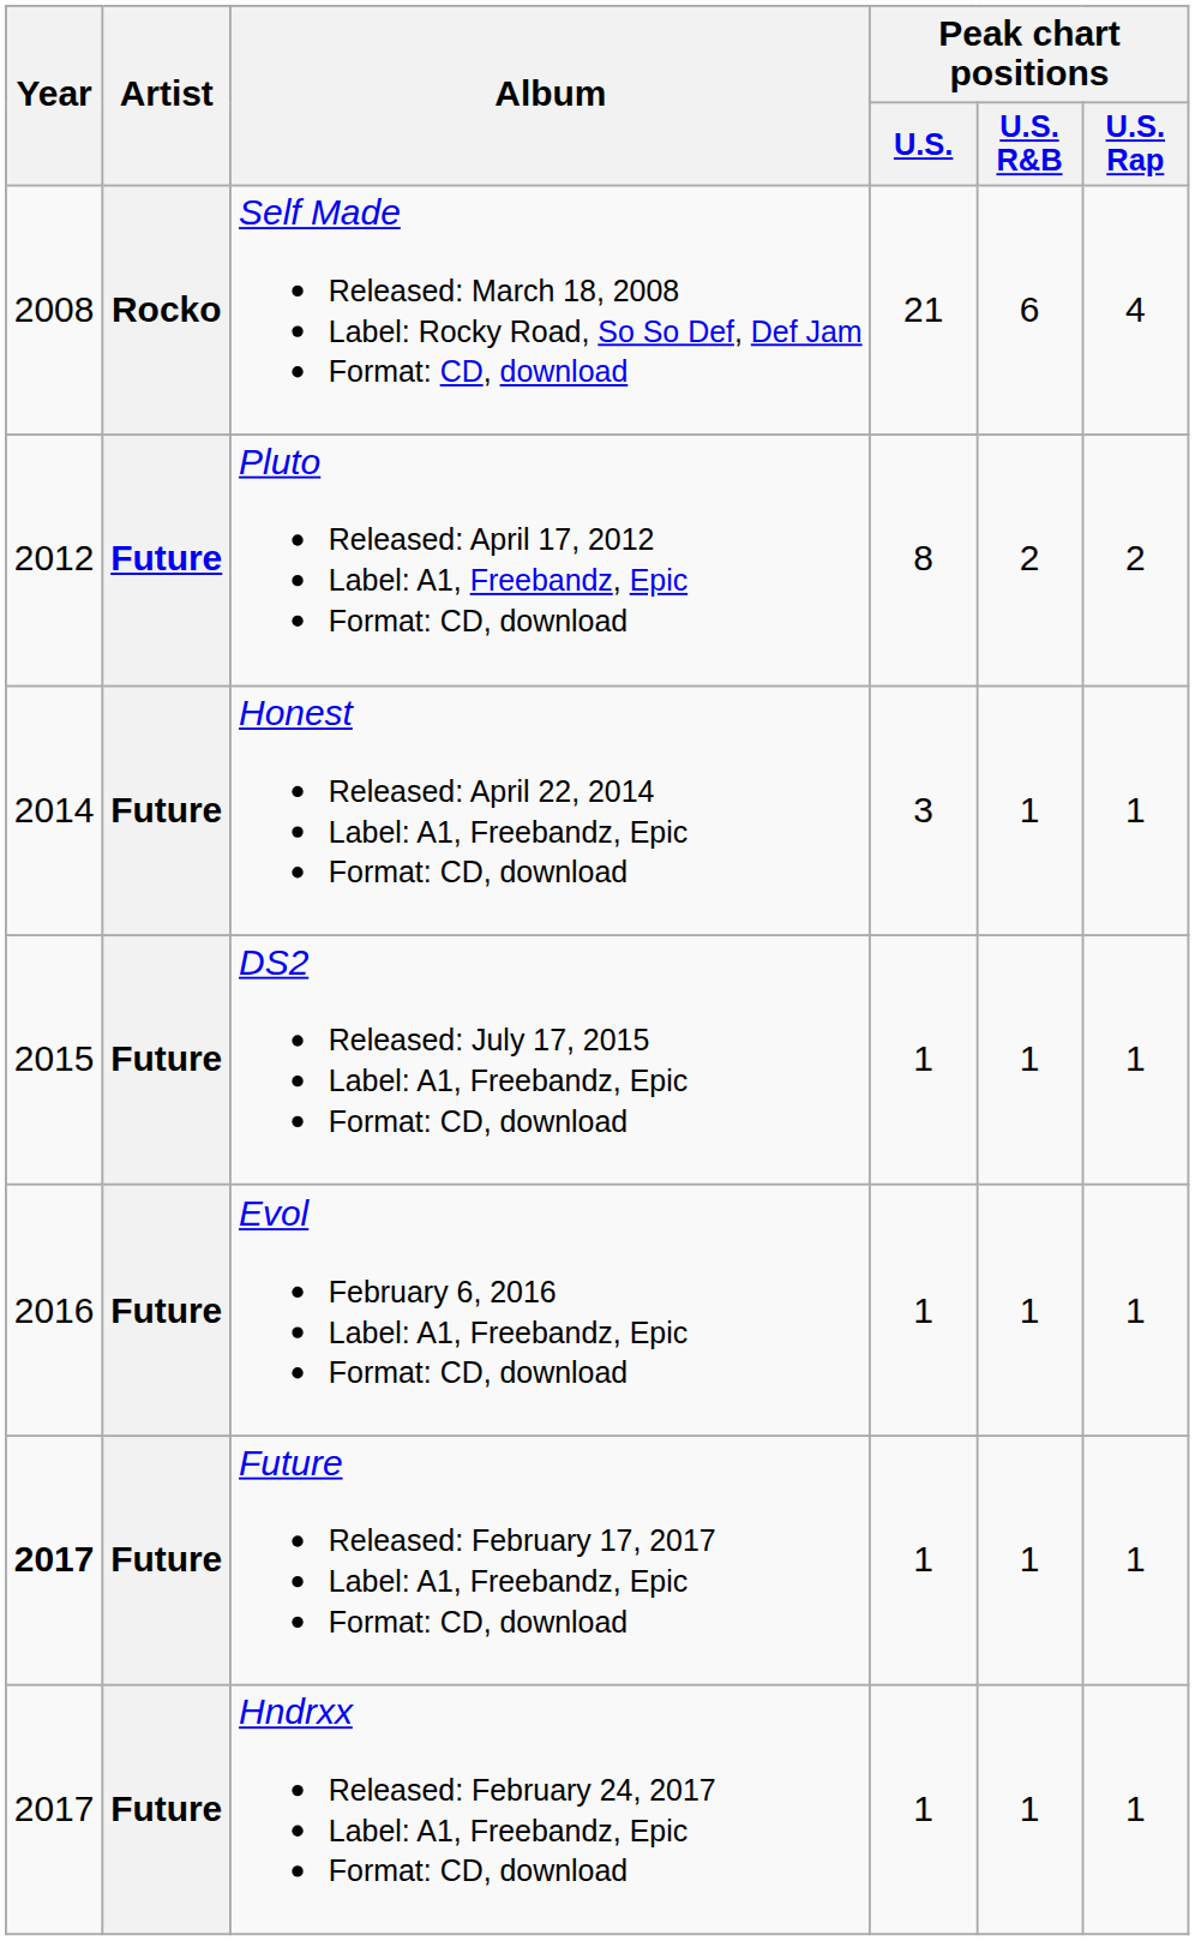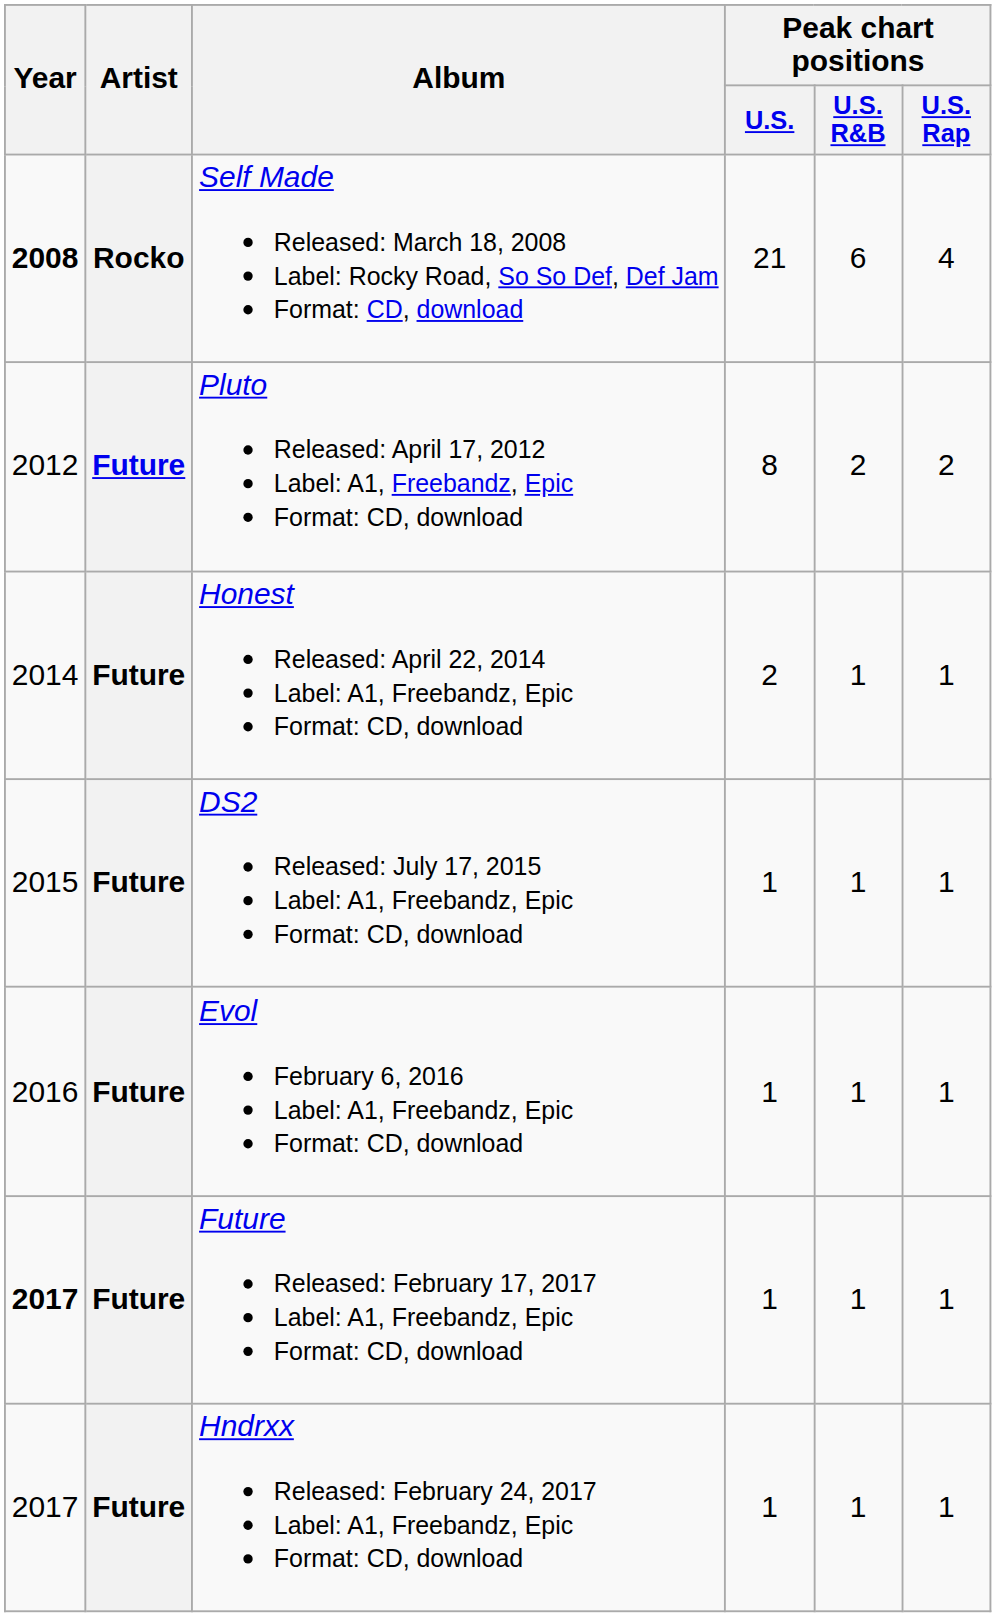 <table class="wikitable">
 <tr>
 <th rowspan="2">Year</th>
 <th rowspan="2">Artist</th>
 <th rowspan="2">Album</th>
 <th colspan="3">Peak chart positions</th>
 </tr>
 <tr>
 <th style="width:3em;font-size:85%"><a href='#'>U.S.</a></th>
 <th style="width:3em;font-size:85%"><a href='#'>U.S. R&B</a></th>
 <th style="width:3em;font-size:85%"><a href='#'>U.S. Rap</a></th>
 </tr>
 <tr>
-<td>2008</td>
+<td><strong>2008</strong></td>
 <th scope="row">Rocko</th>
 <td><em><a href='#'>Self Made</a></em><br><ul><li><small>Released: March 18, 2008</small></li><li><small>Label: Rocky Road, <a href='#'>So So Def</a>, <a href='#'>Def Jam</a></small></li><li><small>Format: <a href='#'>CD</a>, <a href='#'>download</a></small></li></ul></td>
 <td style="text-align:center;">21</td>
 <td style="text-align:center;">6</td>
 <td style="text-align:center;">4</td>
 </tr>
 <tr>
 <td>2012</td>
 <th scope="row"><a href='#'>Future</a></th>
 <td><em><a href='#'>Pluto</a></em><br><ul><li><small>Released: April 17, 2012</small></li><li><small>Label: A1, <a href='#'>Freebandz</a>, <a href='#'>Epic</a></small></li><li><small>Format: CD, download</small></li></ul></td>
 <td style="text-align:center;">8</td>
 <td style="text-align:center;">2</td>
 <td style="text-align:center;">2</td>
 </tr>
 <tr>
 <td>2014</td>
 <th scope="row">Future</th>
 <td><em><a href='#'>Honest</a></em><br><ul><li><small>Released: April 22, 2014</small></li><li><small>Label: A1, Freebandz, Epic</small></li><li><small>Format: CD, download</small></li></ul></td>
-<td style="text-align:center;">3</td>
+<td style="text-align:center;">2</td>
 <td style="text-align:center;">1</td>
 <td style="text-align:center;">1</td>
 </tr>
 <tr>
 <td>2015</td>
 <th scope="row">Future</th>
 <td><em><a href='#'>DS2</a></em><br><ul><li><small>Released: July 17, 2015</small></li><li><small>Label: A1, Freebandz, Epic</small></li><li><small>Format: CD, download</small></li></ul></td>
 <td style="text-align:center;">1</td>
 <td style="text-align:center;">1</td>
 <td style="text-align:center;">1</td>
 </tr>
 <tr>
 <td>2016</td>
 <th scope="row">Future</th>
 <td><em><a href='#'>Evol</a></em><br><ul><li><small>February 6, 2016</small></li><li><small>Label: A1, Freebandz, Epic</small></li><li><small>Format: CD, download</small></li></ul></td>
 <td style="text-align:center;">1</td>
 <td style="text-align:center;">1</td>
 <td style="text-align:center;">1</td>
 </tr>
 <tr>
 <td><strong>2017</strong></td>
 <th scope="row">Future</th>
 <td><em><a href='#'>Future</a></em><br><ul><li><small>Released: February 17, 2017</small></li><li><small>Label: A1, Freebandz, Epic</small></li><li><small>Format: CD, download</small></li></ul></td>
 <td style="text-align:center;">1</td>
 <td style="text-align:center;">1</td>
 <td style="text-align:center;">1</td>
 </tr>
 <tr>
 <td>2017</td>
 <th scope="row">Future</th>
 <td><em><a href='#'>Hndrxx</a></em><br><ul><li><small>Released: February 24, 2017</small></li><li><small>Label: A1, Freebandz, Epic</small></li><li><small>Format: CD, download</small></li></ul></td>
 <td style="text-align:center;">1</td>
 <td style="text-align:center;">1</td>
 <td style="text-align:center;">1</td>
 </tr>
 </table>
